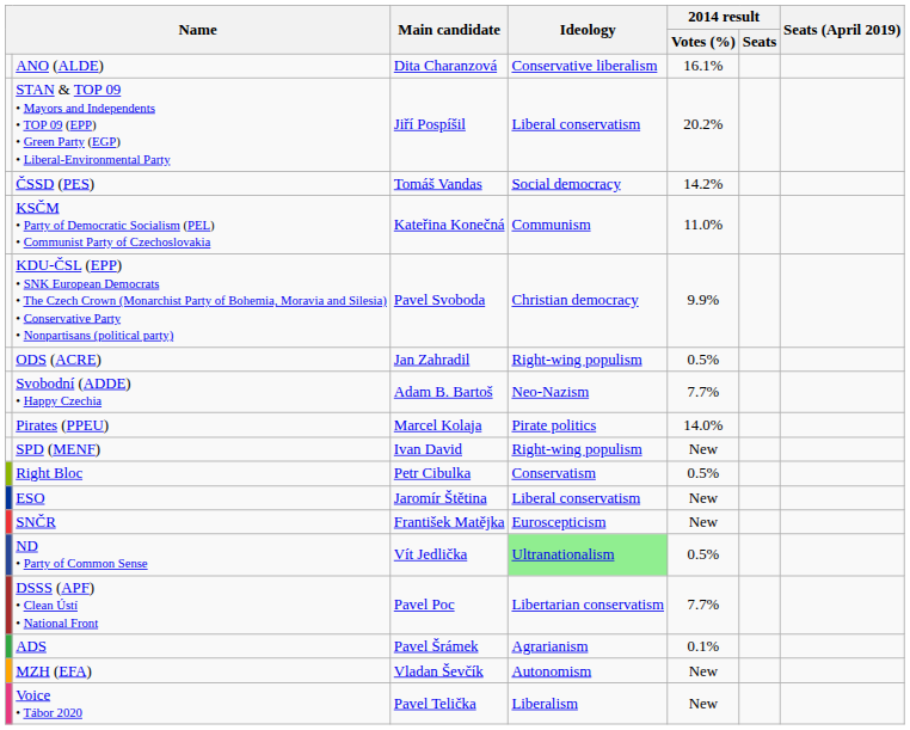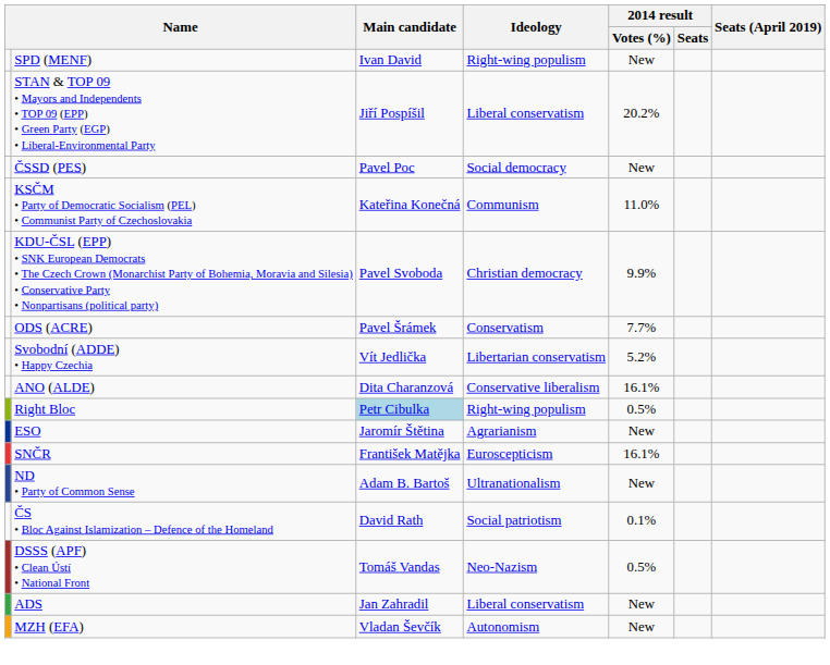 <table class="wikitable">
 <tr>
 <th rowspan="2" colspan=2>Name</th>
 <th rowspan="2">Main candidate</th>
 <th rowspan="2">Ideology</th>
 <th colspan="2">2014 result</th>
 <th rowspan="2">Seats (April 2019)</th>
 </tr>
 <tr>
 <th>Votes (%)</th>
 <th>Seats</th>
 </tr>
 <tr>
 <td style="color:inherit;background:"></td>
-<td><a href='#'>ANO</a> (<a href='#'>ALDE</a>)</td>
-<td><a href='#'>Dita Charanzová</a></td>
-<td><a href='#'>Conservative liberalism</a></td>
-<td style="text-align:center;">16.1%</td>
+<td><a href='#'>SPD</a> (<a href='#'>MENF</a>)</td>
+<td><a href='#'>Ivan David</a></td>
+<td><a href='#'>Right-wing populism</a></td>
+<td style="text-align:center;">New</td>
 <td></td>
 <td></td>
 </tr>
 <tr>
 <td style="color:inherit;background:"></td>
 <td><a href='#'>STAN</a> & <a href='#'>TOP 09</a><small><br>• <a href='#'>Mayors and Independents</a><br>• <a href='#'>TOP 09</a> (<a href='#'>EPP</a>)<br>• <a href='#'>Green Party</a> (<a href='#'>EGP</a>)<br>• <a href='#'>Liberal-Environmental Party</a></small></td>
 <td><a href='#'>Jiří Pospíšil</a></td>
 <td><a href='#'>Liberal conservatism</a></td>
 <td style="text-align:center;">20.2%</td>
 <td></td>
 <td></td>
 </tr>
 <tr>
 <td style="color:inherit;background:"></td>
 <td><a href='#'>ČSSD</a> (<a href='#'>PES</a>)</td>
-<td><a href='#'>Tomáš Vandas</a></td>
+<td><a href='#'>Pavel Poc</a></td>
 <td><a href='#'>Social democracy</a></td>
-<td style="text-align:center;">14.2%</td>
+<td style="text-align:center;">New</td>
 <td></td>
 <td></td>
 </tr>
 <tr>
 <td style="color:inherit;background:"></td>
 <td><a href='#'>KSČM</a><small><br>• <a href='#'>Party of Democratic Socialism</a> (<a href='#'>PEL</a>)<br>• <a href='#'>Communist Party of Czechoslovakia</a></small></td>
 <td><a href='#'>Kateřina Konečná</a></td>
 <td><a href='#'>Communism</a></td>
 <td style="text-align:center;">11.0%</td>
 <td></td>
 <td></td>
 </tr>
 <tr>
 <td style="color:inherit;background:"></td>
 <td><a href='#'>KDU-ČSL</a> (<a href='#'>EPP</a>)<small><br>• <a href='#'>SNK European Democrats</a><br>• <a href='#'>The Czech Crown (Monarchist Party of Bohemia, Moravia and Silesia)</a><br>• <a href='#'>Conservative Party</a><br>• <a href='#'>Nonpartisans (political party)</a></small></td>
 <td><a href='#'>Pavel Svoboda</a></td>
 <td><a href='#'>Christian democracy</a></td>
 <td style="text-align:center;">9.9%</td>
 <td></td>
 <td></td>
 </tr>
 <tr>
 <td style="color:inherit;background:"></td>
 <td><a href='#'>ODS</a> (<a href='#'>ACRE</a>)</td>
-<td><a href='#'>Jan Zahradil</a></td>
-<td><a href='#'>Right-wing populism</a></td>
-<td style="text-align:center;">0.5%</td>
+<td><a href='#'>Pavel Šrámek</a></td>
+<td><a href='#'>Conservatism</a></td>
+<td style="text-align:center;">7.7%</td>
 <td></td>
 <td></td>
 </tr>
 <tr>
 <td style="color:inherit;background:"></td>
 <td><a href='#'>Svobodní</a> (<a href='#'>ADDE</a>) <br><small>• <a href='#'>Happy Czechia</a></small><br></td>
-<td><a href='#'>Adam B. Bartoš</a></td>
-<td><a href='#'>Neo-Nazism</a></td>
-<td style="text-align:center;">7.7%</td>
+<td><a href='#'>Vít Jedlička</a></td>
+<td><a href='#'>Libertarian conservatism</a></td>
+<td style="text-align:center;">5.2%</td>
 <td></td>
 <td></td>
 </tr>
 <tr>
 <td style="color:inherit;background:"></td>
-<td><a href='#'>Pirates</a> (<a href='#'>PPEU</a>)</td>
-<td><a href='#'>Marcel Kolaja</a></td>
-<td><a href='#'>Pirate politics</a></td>
-<td style="text-align:center;">14.0%</td>
-<td></td>
-<td></td>
-</tr>
-<tr>
-<td style="color:inherit;background:"></td>
-<td><a href='#'>SPD</a> (<a href='#'>MENF</a>)</td>
-<td><a href='#'>Ivan David</a></td>
-<td><a href='#'>Right-wing populism</a></td>
-<td style="text-align:center;">New</td>
+<td><a href='#'>ANO</a> (<a href='#'>ALDE</a>)</td>
+<td><a href='#'>Dita Charanzová</a></td>
+<td><a href='#'>Conservative liberalism</a></td>
+<td style="text-align:center;">16.1%</td>
 <td></td>
 <td></td>
 </tr>
 <tr>
 <td style="background:#8DB600;"></td>
 <td><a href='#'>Right Bloc</a></td>
-<td><a href='#'>Petr Cibulka</a></td>
-<td><a href='#'>Conservatism</a></td>
+<td style="background: lightblue;"><a href='#'>Petr Cibulka</a></td>
+<td><a href='#'>Right-wing populism</a></td>
 <td style="text-align:center;">0.5%</td>
 <td></td>
 <td></td>
 </tr>
 <tr>
 <td style="background:#003399"></td>
 <td><a href='#'>ESO</a></td>
 <td><a href='#'>Jaromír Štětina</a></td>
-<td><a href='#'>Liberal conservatism</a></td>
+<td><a href='#'>Agrarianism</a></td>
 <td style="text-align:center;">New</td>
 <td></td>
 <td></td>
 </tr>
 <tr>
 <td style="background:#EE3135;"></td>
 <td><a href='#'>SNČR</a></td>
 <td><a href='#'>František Matějka</a></td>
 <td><a href='#'>Euroscepticism</a></td>
-<td style="text-align:center;">New</td>
+<td style="text-align:center;">16.1%</td>
 <td></td>
 <td></td>
 </tr>
 <tr>
 <td style="background:#284696;"></td>
 <td><a href='#'>ND</a><small><br>• <a href='#'>Party of Common Sense</a></small></td>
-<td><a href='#'>Vít Jedlička</a></td>
-<td style="background: lightgreen;"><a href='#'>Ultranationalism</a></td>
-<td style="text-align:center;">0.5%</td>
+<td><a href='#'>Adam B. Bartoš</a></td>
+<td><a href='#'>Ultranationalism</a></td>
+<td style="text-align:center;">New</td>
+<td></td>
+<td></td>
+</tr>
+<tr>
+<td style="color:inherit;background:"></td>
+<td><a href='#'>ČS</a><small><br>• <a href='#'>Bloc Against Islamization – Defence of the Homeland</a></small></td>
+<td><a href='#'>David Rath</a></td>
+<td><a href='#'>Social patriotism</a></td>
+<td style="text-align:center;">0.1%</td>
 <td></td>
 <td></td>
 </tr>
 <tr>
 <td style="background:brown;"></td>
 <td><a href='#'>DSSS</a> (<a href='#'>APF</a>)<small><br>• <a href='#'>Clean Ústí</a> <br>• <a href='#'>National Front</a></small></td>
-<td><a href='#'>Pavel Poc</a></td>
-<td><a href='#'>Libertarian conservatism</a></td>
-<td style="text-align:center;">7.7%</td>
+<td><a href='#'>Tomáš Vandas</a></td>
+<td><a href='#'>Neo-Nazism</a></td>
+<td style="text-align:center;">0.5%</td>
 <td></td>
 <td></td>
 </tr>
 <tr>
 <td style="background:#30A741;"></td>
 <td><a href='#'>ADS</a></td>
-<td><a href='#'>Pavel Šrámek</a></td>
-<td><a href='#'>Agrarianism</a></td>
-<td style="text-align:center;">0.1%</td>
+<td><a href='#'>Jan Zahradil</a></td>
+<td><a href='#'>Liberal conservatism</a></td>
+<td style="text-align:center;">New</td>
 <td></td>
 <td></td>
 </tr>
 <tr>
 <td style="background:orange;"></td>
 <td><a href='#'>MZH</a> (<a href='#'>EFA</a>)</td>
 <td><a href='#'>Vladan Ševčík</a></td>
 <td><a href='#'>Autonomism</a></td>
 <td style="text-align:center;">New</td>
 <td></td>
 <td></td>
 </tr>
-<tr>
-<td style="background:#e8387f;"></td>
-<td><a href='#'>Voice</a><small><br>• <a href='#'>Tábor 2020</a></small></td>
-<td><a href='#'>Pavel Telička</a></td>
-<td><a href='#'>Liberalism</a></td>
-<td style="text-align:center;">New</td>
-<td></td>
-<td></td>
-</tr>
 </table>
